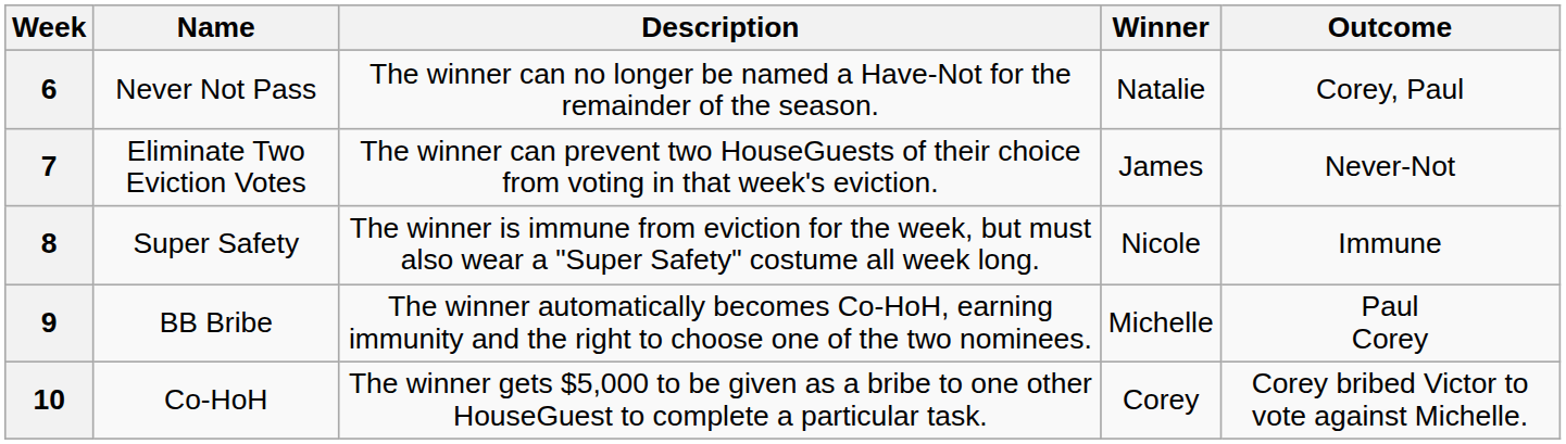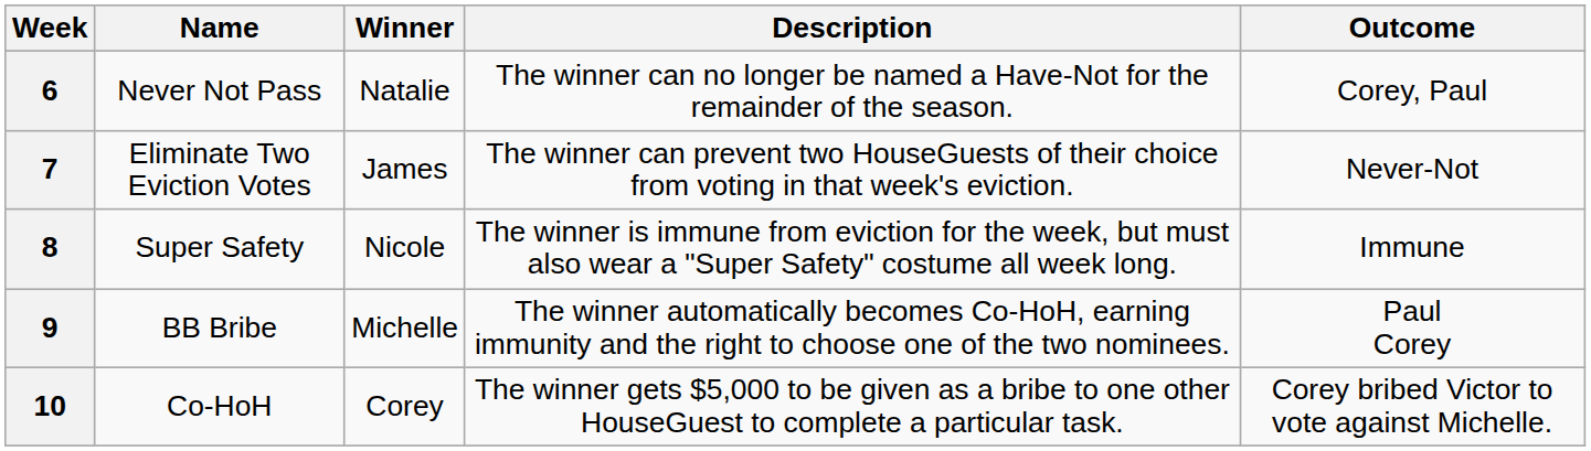 <table class="wikitable" style="text-align:center">
 <tr>
 <th scope="col">Week</th>
 <th scope="col">Name</th>
+<th scope="col">Winner</th>
 <th scope="col">Description</th>
-<th scope="col">Winner</th>
 <th scope="col">Outcome</th>
 </tr>
 <tr>
 <th scope="row">6</th>
 <td>Never Not Pass</td>
+<td>Natalie</td>
 <td>The winner can no longer be named a Have-Not for the remainder of the season.</td>
-<td>Natalie</td>
 <td>Corey, Paul</td>
 </tr>
 <tr>
 <th scope="row">7</th>
 <td>Eliminate Two Eviction Votes</td>
+<td>James</td>
 <td>The winner can prevent two HouseGuests of their choice from voting in that week's eviction.</td>
-<td>James</td>
 <td>Never-Not</td>
 </tr>
 <tr>
 <th scope="row">8</th>
 <td>Super Safety</td>
+<td>Nicole</td>
 <td>The winner is immune from eviction for the week, but must also wear a "Super Safety" costume all week long.</td>
-<td>Nicole</td>
 <td>Immune</td>
 </tr>
 <tr>
 <th scope="row">9</th>
 <td>BB Bribe</td>
+<td>Michelle</td>
 <td>The winner automatically becomes Co-HoH, earning immunity and the right to choose one of the two nominees.</td>
-<td>Michelle</td>
 <td>Paul<br>Corey</td>
 </tr>
 <tr>
 <th scope="row">10</th>
 <td>Co-HoH</td>
+<td>Corey</td>
 <td>The winner gets $5,000 to be given as a bribe to one other HouseGuest to complete a particular task.</td>
-<td>Corey</td>
 <td>Corey bribed Victor to vote against Michelle.</td>
 </tr>
 </table>
